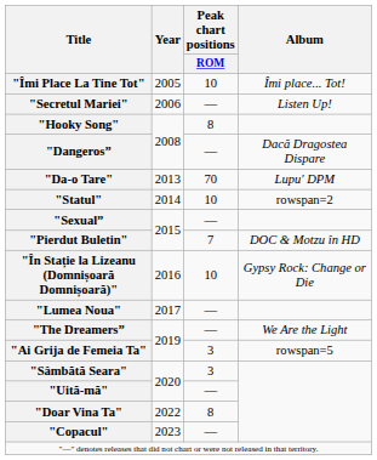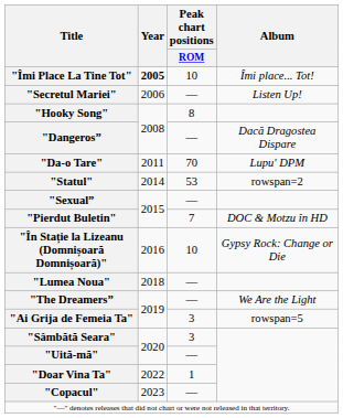 <table class="wikitable plainrowheaders" style="text-align:center;">
 <tr>
 <th scope="col" rowspan="2" style="width:11em;">Title</th>
 <th scope="col" rowspan="2">Year</th>
 <th scope="col" colspan="1">Peak chart positions</th>
 <th scope="col" rowspan="2" style="width:10em;">Album</th>
 </tr>
 <tr>
 <th scope="col" style="width:2.5em;font-size:90%;"><a href='#'>ROM</a><br></th>
 </tr>
 <tr>
 <th scope="row">"Îmi Place La Tine Tot"<br></th>
-<td>2005</td>
+<td><strong>2005</strong></td>
 <td>10</td>
 <td><em>Îmi place... Tot!</em></td>
 </tr>
 <tr>
 <th scope="row">"Secretul Mariei"<br></th>
 <td>2006</td>
 <td>—</td>
 <td><em>Listen Up!</em></td>
 </tr>
 <tr>
 <th scope="row">"Hooky Song"<br></th>
 <td rowspan=2>2008</td>
 <td>8</td>
 <td></td>
 </tr>
 <tr>
 <th scope="row">"Dangeros”<br></th>
 <td>—</td>
 <td><em>Dacă Dragostea Dispare</em></td>
 </tr>
 <tr>
 <th scope="row">"Da-o Tare"<br></th>
-<td>2013</td>
+<td>2011</td>
 <td>70</td>
 <td><em>Lupu' DPM</em></td>
 </tr>
 <tr>
 <th scope="row">"Statul"<br></th>
 <td>2014</td>
-<td>10</td>
+<td>53</td>
 <td>rowspan=2 </td>
 </tr>
 <tr>
 <th scope="row">"Sexual”<br></th>
 <td rowspan=2>2015</td>
 <td>—</td>
 </tr>
 <tr>
 <th scope="row">"Pierdut Buletin"<br></th>
 <td>7</td>
 <td><em>DOC & Motzu în HD</em></td>
 </tr>
 <tr>
 <th scope="row">"În Stație la Lizeanu (Domnișoară Domnișoară)"<br></th>
 <td>2016</td>
 <td>10</td>
 <td><em>Gypsy Rock: Change or Die</em></td>
 </tr>
 <tr>
 <th scope="row">"Lumea Noua"<br></th>
-<td>2017</td>
+<td>2018</td>
 <td>—</td>
 <td></td>
 </tr>
 <tr>
 <th scope="row">"The Dreamers”<br></th>
 <td rowspan=2>2019</td>
 <td>—</td>
 <td><em>We Are the Light</em></td>
 </tr>
 <tr>
 <th scope="row">"Ai Grija de Femeia Ta"<br></th>
 <td>3</td>
 <td>rowspan=5 </td>
 </tr>
 <tr>
 <th scope="row">"Sâmbătă Seara"<br></th>
 <td rowspan=2>2020</td>
 <td>3</td>
 </tr>
 <tr>
 <th scope="row">"Uită-mă"<br></th>
 <td>—</td>
 </tr>
 <tr>
 <th scope="row">"Doar Vina Ta"<br></th>
 <td>2022</td>
-<td>8</td>
+<td>1</td>
 </tr>
 <tr>
 <th scope="row">"Copacul"<br></th>
 <td>2023</td>
 <td>—</td>
 </tr>
 <tr>
 <td align="center" colspan="15" style="font-size:8pt">"—" denotes releases that did not chart or were not released in that territory.</td>
 </tr>
 </table>
